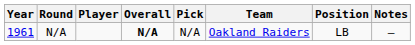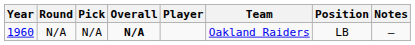 <table class="wikitable sortable" style="text-align: center;">
 <tr>
 <th>Year</th>
 <th>Round</th>
+<th>Pick</th>
+<th>Overall</th>
 <th>Player</th>
-<th>Overall</th>
-<th>Pick</th>
 <th>Team</th>
 <th>Position</th>
 <th>Notes</th>
 </tr>
 <tr>
-<td><a href='#'>1961</a></td>
+<td><a href='#'>1960</a></td>
 <td>N/A</td>
+<td>N/A</td>
+<td><strong>N/A</strong></td>
 <td></td>
-<td><strong>N/A</strong></td>
-<td>N/A</td>
 <td><a href='#'>Oakland Raiders</a></td>
 <td>LB</td>
 <td>—</td>
 </tr>
 </table>
